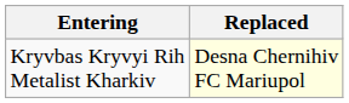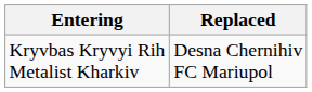 <table class="wikitable">
 <tr>
 <th>Entering</th>
 <th>Replaced</th>
 </tr>
 <tr>
 <td>Kryvbas Kryvyi Rih<br>Metalist Kharkiv</td>
-<td style="background: lightyellow;">Desna Chernihiv<br>FC Mariupol</td>
+<td>Desna Chernihiv<br>FC Mariupol</td>
 </tr>
 </table>
